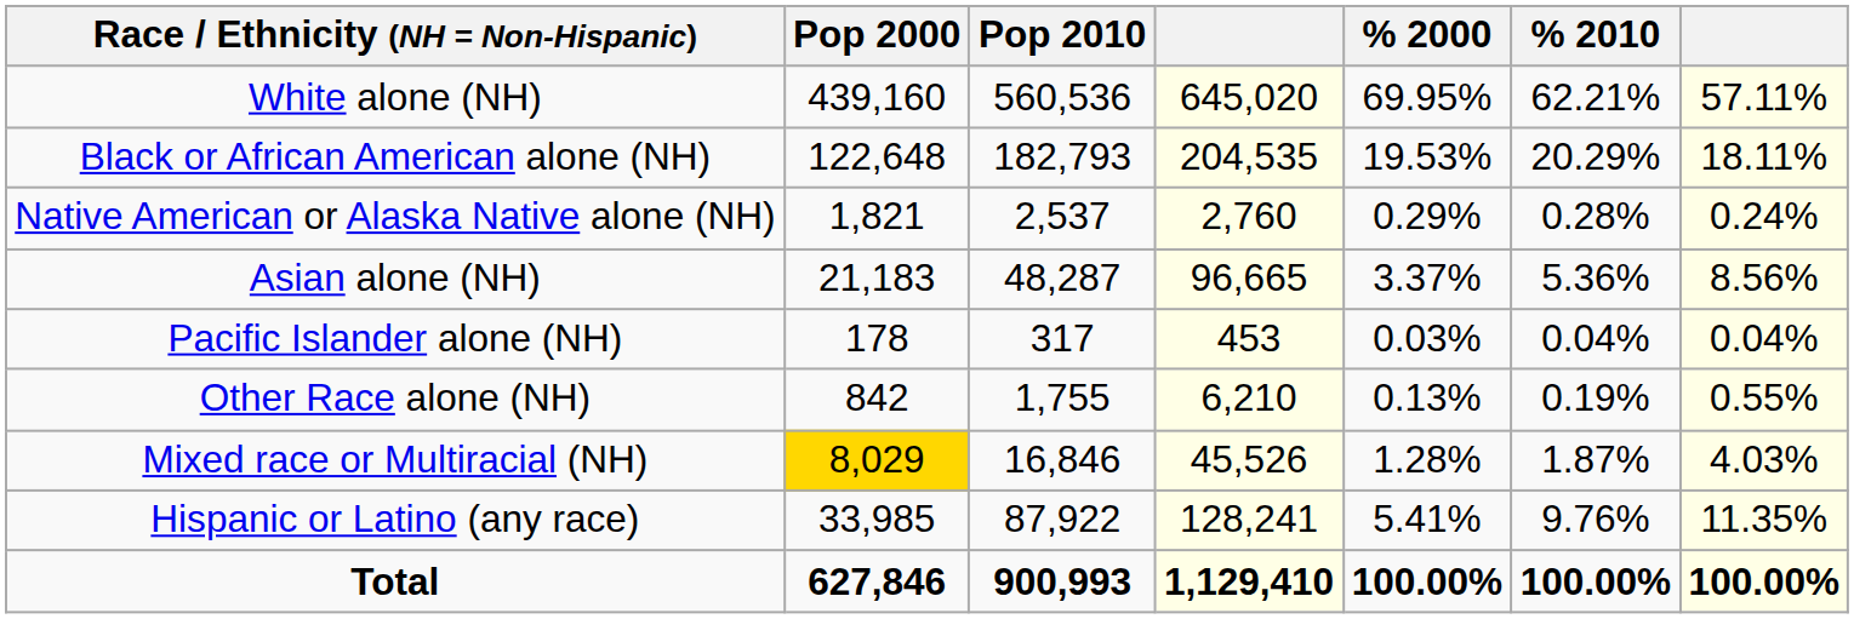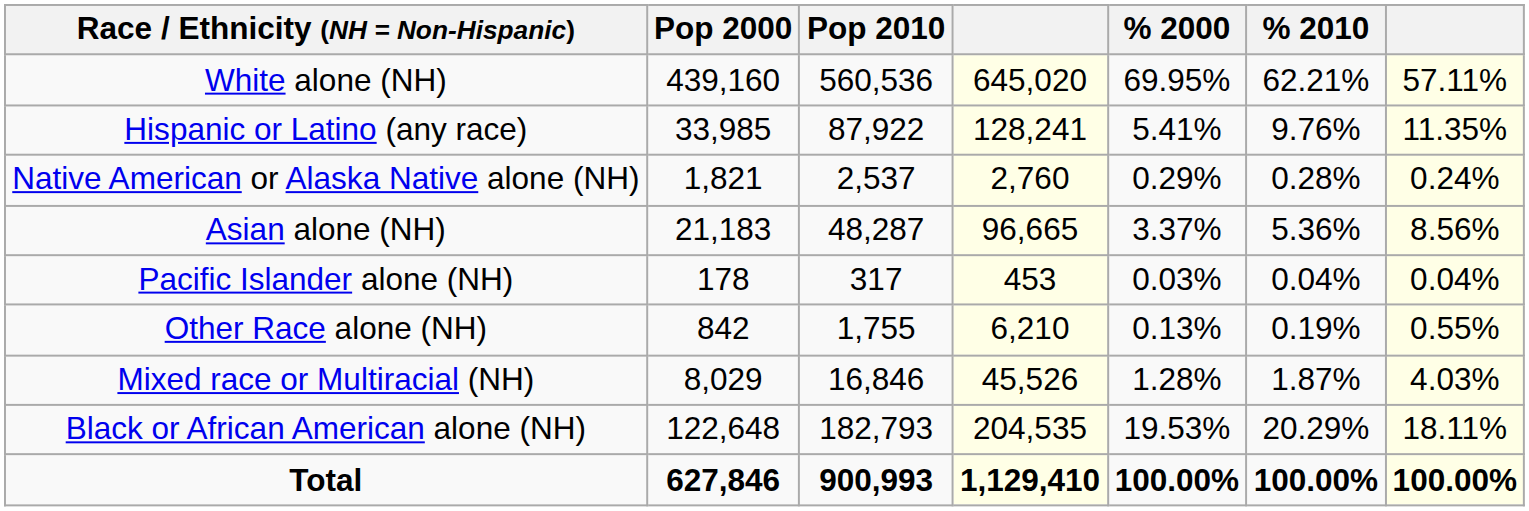 <table class="wikitable" style="text-align:center;">
 <tr>
 <th>Race / Ethnicity <small>(<em>NH = Non-Hispanic</em>)</small></th>
 <th>Pop 2000</th>
 <th>Pop 2010</th>
 <th></th>
 <th>% 2000</th>
 <th>% 2010</th>
 <th></th>
 </tr>
 <tr>
 <td><a href='#'>White</a> alone (NH)</td>
 <td>439,160</td>
 <td>560,536</td>
 <td style='background: #ffffe6;'>645,020</td>
 <td>69.95%</td>
 <td>62.21%</td>
 <td style='background: #ffffe6;'>57.11%</td>
 </tr>
 <tr>
-<td><a href='#'>Black or African American</a> alone (NH)</td>
-<td>122,648</td>
-<td>182,793</td>
-<td style='background: #ffffe6;'>204,535</td>
-<td>19.53%</td>
-<td>20.29%</td>
-<td style='background: #ffffe6;'>18.11%</td>
+<td><a href='#'>Hispanic or Latino</a> (any race)</td>
+<td>33,985</td>
+<td>87,922</td>
+<td style='background: #ffffe6;'>128,241</td>
+<td>5.41%</td>
+<td>9.76%</td>
+<td style='background: #ffffe6;'>11.35%</td>
 </tr>
 <tr>
 <td><a href='#'>Native American</a> or <a href='#'>Alaska Native</a> alone (NH)</td>
 <td>1,821</td>
 <td>2,537</td>
 <td style='background: #ffffe6;'>2,760</td>
 <td>0.29%</td>
 <td>0.28%</td>
 <td style='background: #ffffe6;'>0.24%</td>
 </tr>
 <tr>
 <td><a href='#'>Asian</a> alone (NH)</td>
 <td>21,183</td>
 <td>48,287</td>
 <td style='background: #ffffe6;'>96,665</td>
 <td>3.37%</td>
 <td>5.36%</td>
 <td style='background: #ffffe6;'>8.56%</td>
 </tr>
 <tr>
 <td><a href='#'>Pacific Islander</a> alone (NH)</td>
 <td>178</td>
 <td>317</td>
 <td style='background: #ffffe6;'>453</td>
 <td>0.03%</td>
 <td>0.04%</td>
 <td style='background: #ffffe6;'>0.04%</td>
 </tr>
 <tr>
 <td><a href='#'>Other Race</a> alone (NH)</td>
 <td>842</td>
 <td>1,755</td>
 <td style='background: #ffffe6;'>6,210</td>
 <td>0.13%</td>
 <td>0.19%</td>
 <td style='background: #ffffe6;'>0.55%</td>
 </tr>
 <tr>
 <td><a href='#'>Mixed race or Multiracial</a> (NH)</td>
-<td style="background: gold;">8,029</td>
+<td>8,029</td>
 <td>16,846</td>
 <td style='background: #ffffe6;'>45,526</td>
 <td>1.28%</td>
 <td>1.87%</td>
 <td style='background: #ffffe6;'>4.03%</td>
 </tr>
 <tr>
-<td><a href='#'>Hispanic or Latino</a> (any race)</td>
-<td>33,985</td>
-<td>87,922</td>
-<td style='background: #ffffe6;'>128,241</td>
-<td>5.41%</td>
-<td>9.76%</td>
-<td style='background: #ffffe6;'>11.35%</td>
+<td><a href='#'>Black or African American</a> alone (NH)</td>
+<td>122,648</td>
+<td>182,793</td>
+<td style='background: #ffffe6;'>204,535</td>
+<td>19.53%</td>
+<td>20.29%</td>
+<td style='background: #ffffe6;'>18.11%</td>
 </tr>
 <tr>
 <td><strong>Total</strong></td>
 <td><strong>627,846</strong></td>
 <td><strong>900,993</strong></td>
 <td style='background: #ffffe6;'><strong>1,129,410</strong></td>
 <td><strong>100.00%</strong></td>
 <td><strong>100.00%</strong></td>
 <td style='background: #ffffe6;'><strong>100.00%</strong></td>
 </tr>
 </table>
